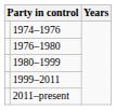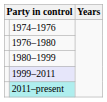 <table class="wikitable">
 <tr>
 <th colspan="2">Party in control</th>
 <th>Years</th>
 </tr>
 <tr>
 <td></td>
 <td>1974–1976</td>
 </tr>
 <tr>
 <td></td>
 <td>1976–1980</td>
 </tr>
 <tr>
 <td></td>
 <td>1980–1999</td>
 </tr>
 <tr>
 <td></td>
-<td>1999–2011</td>
+<td style="background: lavender;">1999–2011</td>
 </tr>
 <tr>
 <td></td>
-<td>2011–present</td>
+<td style="background: paleturquoise;">2011–present</td>
 </tr>
 </table>
